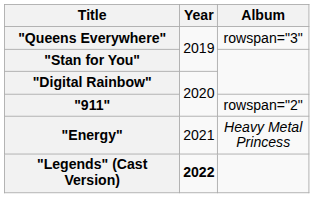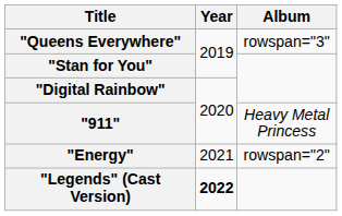 <table class="wikitable plainrowheaders sortable" style="text-align:center;">
 <tr>
 <th scope="col"  style="width:12em;">Title</th>
 <th scope="col"  style="width:2em;">Year</th>
 <th scope="col"  style="width:6em;">Album</th>
 </tr>
 <tr>
 <th scope="row">"Queens Everywhere" </th>
 <td rowspan="2">2019</td>
 <td>rowspan="3" </td>
 </tr>
 <tr>
 <th scope="row">"Stan for You"<br></th>
 </tr>
 <tr>
 <th scope="row">"Digital Rainbow"<br></th>
 <td rowspan="2">2020</td>
 </tr>
 <tr>
 <th scope="row">"911"<br></th>
-<td>rowspan="2" </td>
+<td><em>Heavy Metal Princess</em></td>
 </tr>
 <tr>
 <th scope="row">"Energy"<br></th>
 <td>2021</td>
-<td><em>Heavy Metal Princess</em></td>
+<td>rowspan="2" </td>
 </tr>
 <tr>
 <th scope="row">"Legends" (Cast Version)<br></th>
 <td><strong>2022</strong></td>
 </tr>
 </table>
